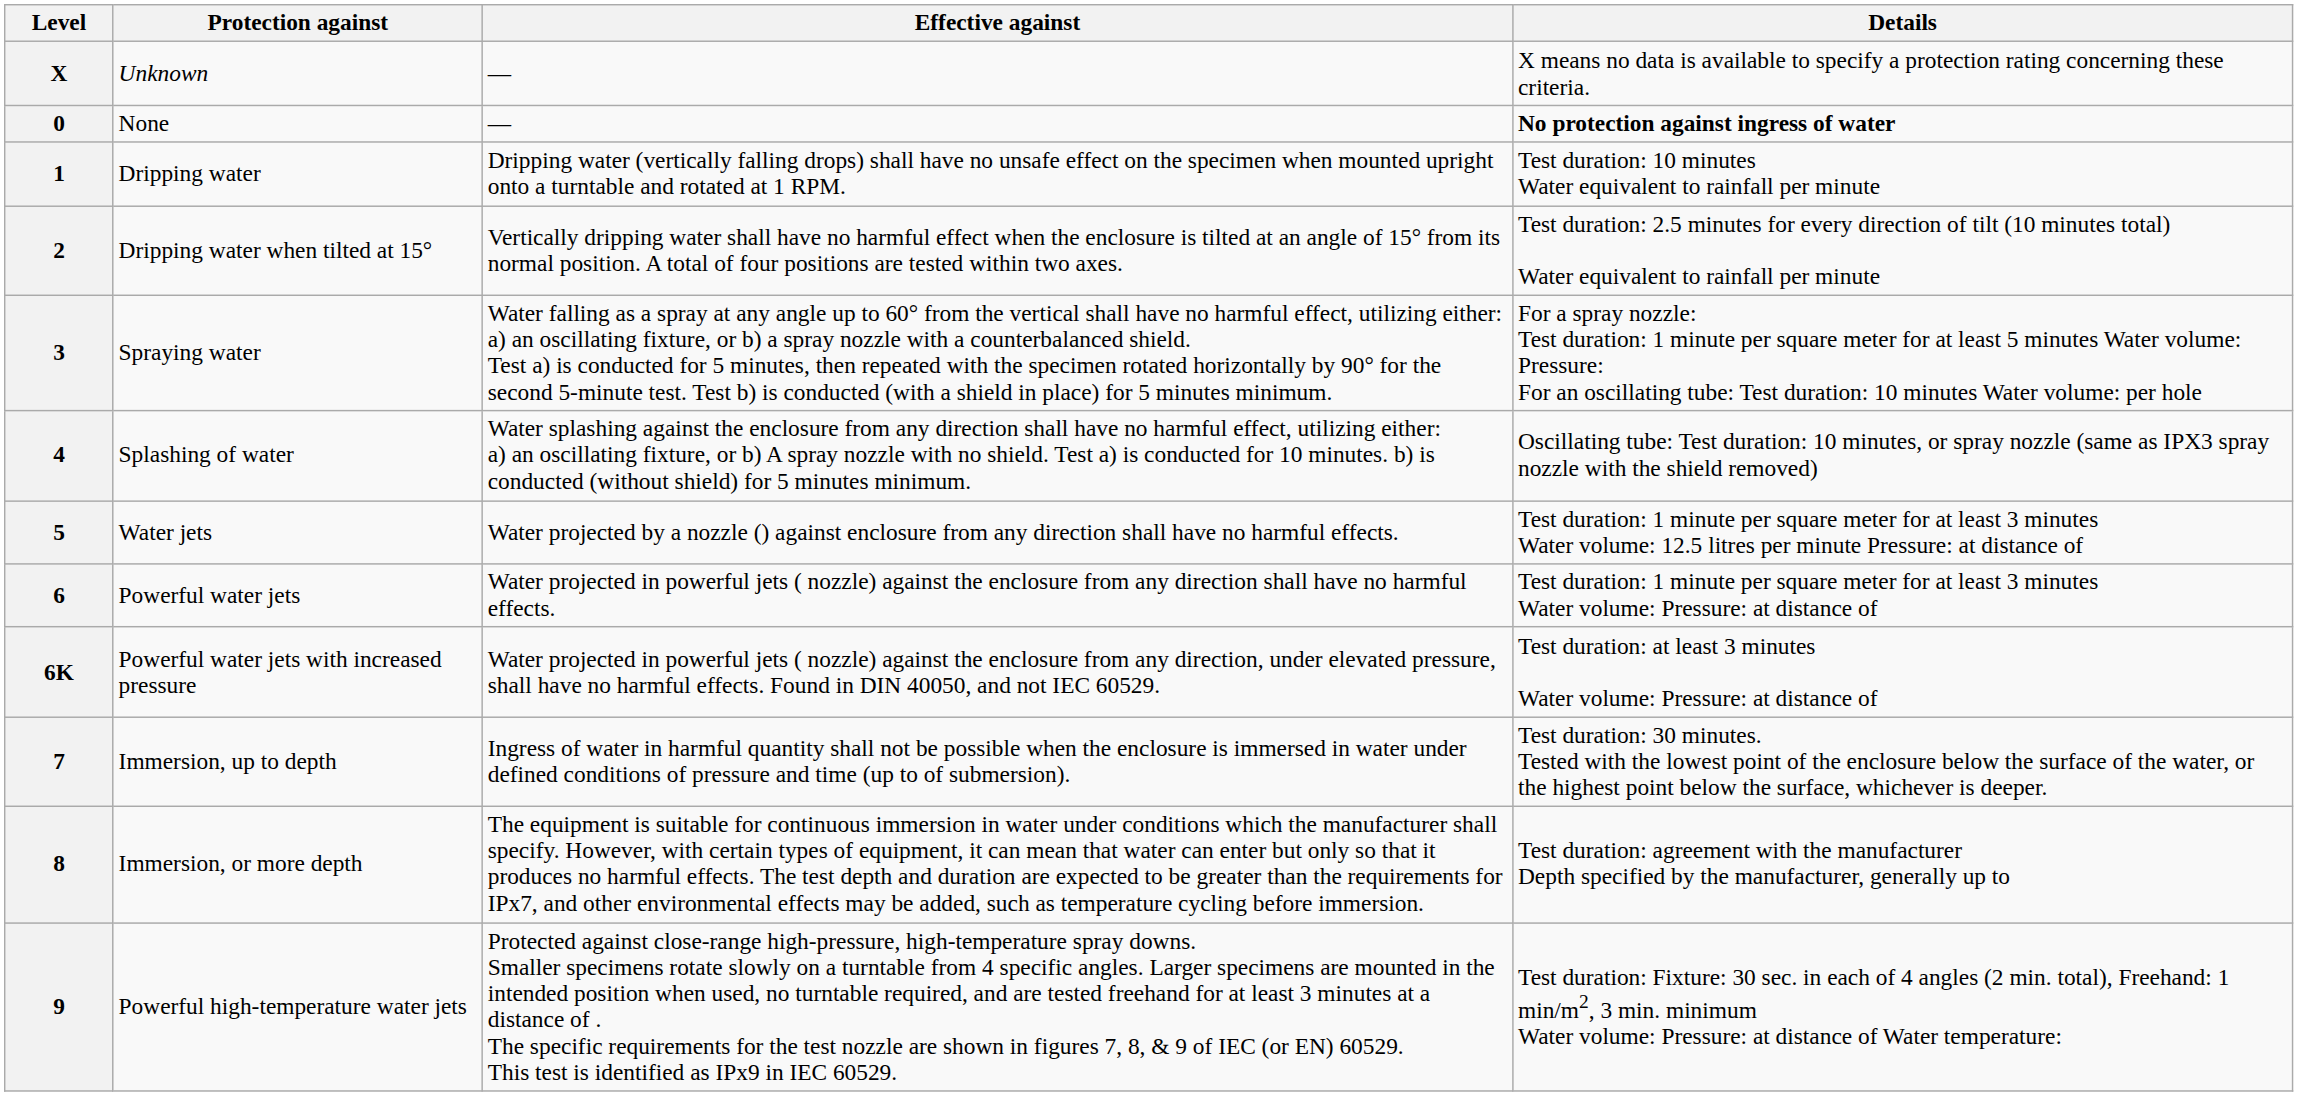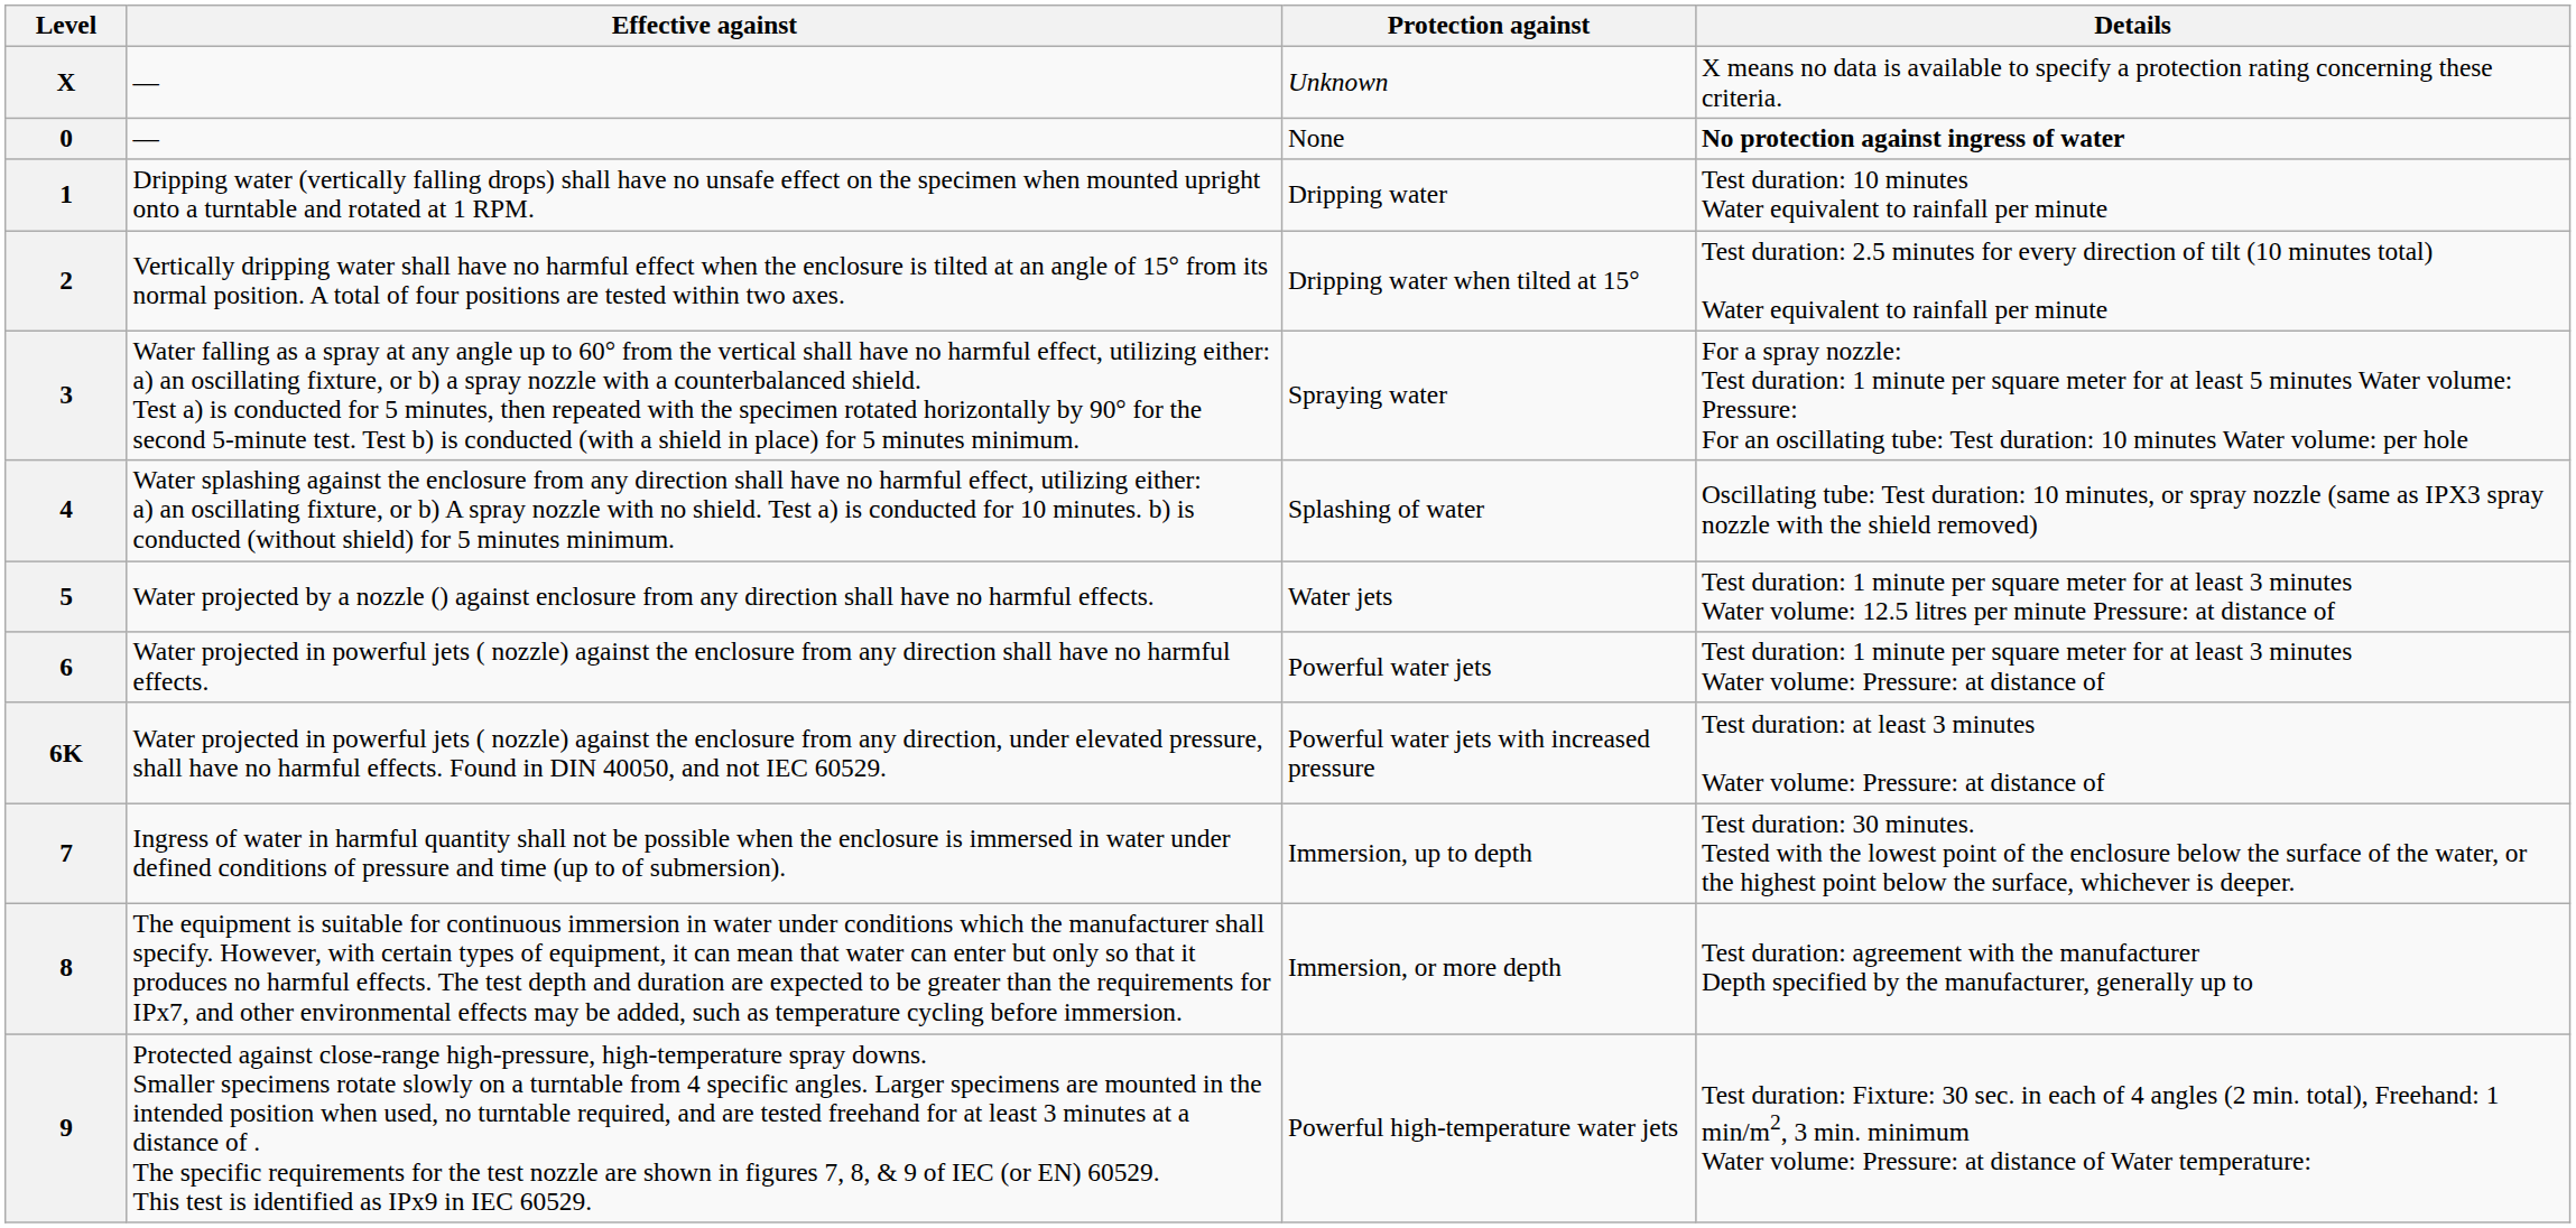 <table class="wikitable">
 <tr>
 <th style="width: 5em;">Level</th>
+<th style="width: 60em;">Effective against</th>
 <th style="width: 20em;">Protection against</th>
-<th style="width: 60em;">Effective against</th>
 <th style="width: 45em;">Details</th>
 </tr>
 <tr>
 <th>X</th>
+<td>—</td>
 <td><em>Unknown</em></td>
-<td>—</td>
 <td>X means no data is available to specify a protection rating concerning these criteria.</td>
 </tr>
 <tr>
 <th>0</th>
+<td>—</td>
 <td>None</td>
-<td>—</td>
 <td><strong>No protection against ingress of water</strong></td>
 </tr>
 <tr>
 <th>1</th>
+<td>Dripping water (vertically falling drops) shall have no unsafe effect on the specimen when mounted upright onto a turntable and rotated at 1 RPM.</td>
 <td>Dripping water</td>
-<td>Dripping water (vertically falling drops) shall have no unsafe effect on the specimen when mounted upright onto a turntable and rotated at 1 RPM.</td>
 <td>Test duration: 10 minutes<br>Water equivalent to  rainfall per minute</td>
 </tr>
 <tr>
 <th>2</th>
+<td>Vertically dripping water shall have no harmful effect when the enclosure is tilted at an angle of 15° from its normal position. A total of four positions are tested within two axes.</td>
 <td>Dripping water when tilted at 15°</td>
-<td>Vertically dripping water shall have no harmful effect when the enclosure is tilted at an angle of 15° from its normal position. A total of four positions are tested within two axes.</td>
 <td>Test duration: 2.5 minutes for every direction of tilt (10 minutes total)<br><br>Water equivalent to  rainfall per minute</td>
 </tr>
 <tr>
 <th>3</th>
+<td>Water falling as a spray at any angle up to 60° from the vertical shall have no harmful effect, utilizing either: a) an oscillating fixture, or b) a spray nozzle with a counterbalanced shield.<br>Test a) is conducted for 5 minutes, then repeated with the specimen rotated horizontally by 90° for the second 5-minute test. Test b) is conducted (with a shield in place) for 5 minutes minimum.</td>
 <td>Spraying water</td>
-<td>Water falling as a spray at any angle up to 60° from the vertical shall have no harmful effect, utilizing either: a) an oscillating fixture, or b) a spray nozzle with a counterbalanced shield.<br>Test a) is conducted for 5 minutes, then repeated with the specimen rotated horizontally by 90° for the second 5-minute test. Test b) is conducted (with a shield in place) for 5 minutes minimum.</td>
 <td>For a spray nozzle:<br>Test duration: 1 minute per square meter for at least 5 minutes Water volume:  Pressure: <br>For an oscillating tube: Test duration: 10 minutes Water volume:  per hole</td>
 </tr>
 <tr>
 <th>4</th>
+<td>Water splashing against the enclosure from any direction shall have no harmful effect, utilizing either:<br>a) an oscillating fixture, or b) A spray nozzle with no shield. Test a) is conducted for 10 minutes. b) is conducted (without shield) for 5 minutes minimum.</td>
 <td>Splashing of water</td>
-<td>Water splashing against the enclosure from any direction shall have no harmful effect, utilizing either:<br>a) an oscillating fixture, or b) A spray nozzle with no shield. Test a) is conducted for 10 minutes. b) is conducted (without shield) for 5 minutes minimum.</td>
 <td>Oscillating tube: Test duration: 10 minutes, or spray nozzle (same as IPX3 spray nozzle with the shield removed)</td>
 </tr>
 <tr>
 <th>5</th>
+<td>Water projected by a nozzle () against enclosure from any direction shall have no harmful effects.</td>
 <td>Water jets</td>
-<td>Water projected by a nozzle () against enclosure from any direction shall have no harmful effects.</td>
 <td>Test duration: 1 minute per square meter for at least 3 minutes<br>Water volume: 12.5 litres per minute Pressure:  at distance of </td>
 </tr>
 <tr>
 <th>6</th>
+<td>Water projected in powerful jets ( nozzle) against the enclosure from any direction shall have no harmful effects.</td>
 <td>Powerful water jets</td>
-<td>Water projected in powerful jets ( nozzle) against the enclosure from any direction shall have no harmful effects.</td>
 <td>Test duration: 1 minute per square meter for at least 3 minutes<br>Water volume:  Pressure:  at distance of </td>
 </tr>
 <tr>
 <th>6K</th>
+<td>Water projected in powerful jets ( nozzle) against the enclosure from any direction, under elevated pressure, shall have no harmful effects. Found in DIN 40050, and not IEC 60529.</td>
 <td>Powerful water jets with increased pressure</td>
-<td>Water projected in powerful jets ( nozzle) against the enclosure from any direction, under elevated pressure, shall have no harmful effects. Found in DIN 40050, and not IEC 60529.</td>
 <td>Test duration: at least 3 minutes<br><br>Water volume:  Pressure:  at distance of </td>
 </tr>
 <tr>
 <th>7</th>
+<td>Ingress of water in harmful quantity shall not be possible when the enclosure is immersed in water under defined conditions of pressure and time (up to  of submersion).</td>
 <td>Immersion, up to  depth</td>
-<td>Ingress of water in harmful quantity shall not be possible when the enclosure is immersed in water under defined conditions of pressure and time (up to  of submersion).</td>
 <td>Test duration: 30 minutes.<br>Tested with the lowest point of the enclosure  below the surface of the water, or the highest point  below the surface, whichever is deeper.</td>
 </tr>
 <tr>
 <th>8</th>
+<td>The equipment is suitable for continuous immersion in water under conditions which the manufacturer shall specify. However, with certain types of equipment, it can mean that water can enter but only so that it produces no harmful effects. The test depth and duration are expected to be greater than the requirements for IPx7, and other environmental effects may be added, such as temperature cycling before immersion.</td>
 <td>Immersion,  or more depth</td>
-<td>The equipment is suitable for continuous immersion in water under conditions which the manufacturer shall specify. However, with certain types of equipment, it can mean that water can enter but only so that it produces no harmful effects. The test depth and duration are expected to be greater than the requirements for IPx7, and other environmental effects may be added, such as temperature cycling before immersion.</td>
 <td>Test duration: agreement with the manufacturer<br>Depth specified by the manufacturer, generally up to </td>
 </tr>
 <tr>
 <th>9</th>
+<td>Protected against close-range high-pressure, high-temperature spray downs.<br>Smaller specimens rotate slowly on a turntable from 4 specific angles. Larger specimens are mounted in the intended position when used, no turntable required, and are tested freehand for at least 3 minutes at a distance of .<br>The specific requirements for the test nozzle are shown in figures 7, 8, & 9 of IEC (or EN) 60529.<br>This test is identified as IPx9 in IEC 60529.</td>
 <td>Powerful high-temperature water jets</td>
-<td>Protected against close-range high-pressure, high-temperature spray downs.<br>Smaller specimens rotate slowly on a turntable from 4 specific angles. Larger specimens are mounted in the intended position when used, no turntable required, and are tested freehand for at least 3 minutes at a distance of .<br>The specific requirements for the test nozzle are shown in figures 7, 8, & 9 of IEC (or EN) 60529.<br>This test is identified as IPx9 in IEC 60529.</td>
 <td>Test duration: Fixture: 30 sec. in each of 4 angles (2 min. total), Freehand: 1 min/m<sup>2</sup>, 3 min. minimum<br>Water volume:  Pressure:  at distance of  Water temperature: </td>
 </tr>
 </table>
